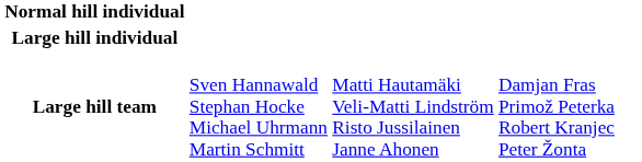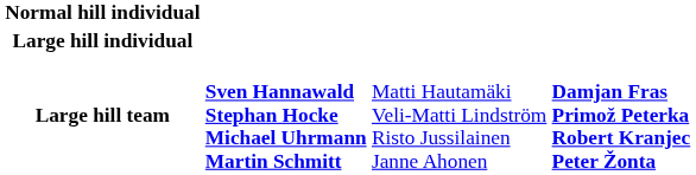 <table>
 <tr>
 <th scope="row">Normal hill individual <br></th>
 <td></td>
 <td></td>
 <td></td>
 </tr>
 <tr>
 <th scope="row">Large hill individual <br></th>
 <td></td>
 <td></td>
 <td></td>
 </tr>
 <tr>
 <th scope="row">Large hill team <br></th>
-<td><br><a href='#'>Sven Hannawald</a><br><a href='#'>Stephan Hocke</a><br><a href='#'>Michael Uhrmann</a><br><a href='#'>Martin Schmitt</a></td>
+<td><strong><br><a href='#'>Sven Hannawald</a><br><a href='#'>Stephan Hocke</a><br><a href='#'>Michael Uhrmann</a><br><a href='#'>Martin Schmitt</a></strong></td>
 <td><br><a href='#'>Matti Hautamäki</a><br><a href='#'>Veli-Matti Lindström</a><br><a href='#'>Risto Jussilainen</a><br><a href='#'>Janne Ahonen</a></td>
-<td><br><a href='#'>Damjan Fras</a><br><a href='#'>Primož Peterka</a><br><a href='#'>Robert Kranjec</a><br><a href='#'>Peter Žonta</a></td>
+<td><strong><br><a href='#'>Damjan Fras</a><br><a href='#'>Primož Peterka</a><br><a href='#'>Robert Kranjec</a><br><a href='#'>Peter Žonta</a></strong></td>
 </tr>
 </table>
